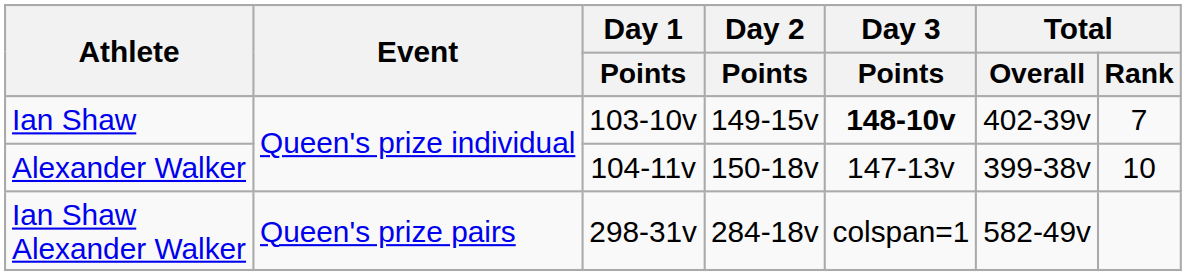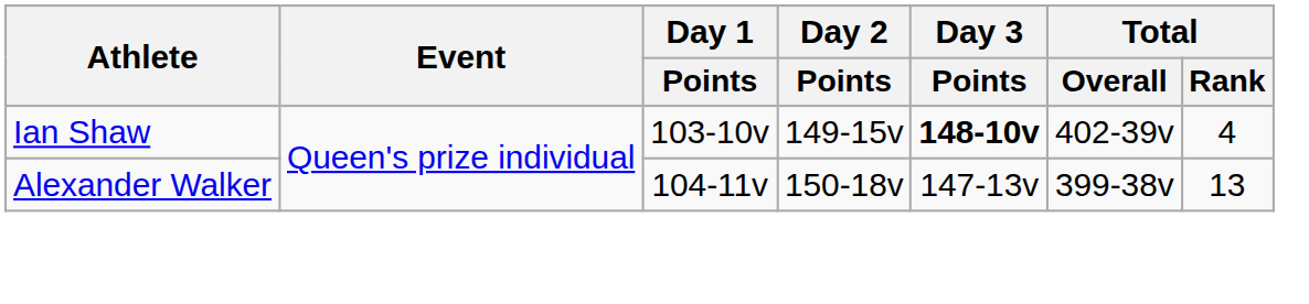 <table class="wikitable" style="font-size:90%">
 <tr>
 <th rowspan=2>Athlete</th>
 <th rowspan=2>Event</th>
 <th>Day 1</th>
 <th>Day 2</th>
 <th>Day 3</th>
 <th colspan=2>Total</th>
 </tr>
 <tr style="font-size:95%">
 <th>Points</th>
 <th>Points</th>
 <th>Points</th>
 <th>Overall</th>
 <th>Rank</th>
 </tr>
 <tr align=center>
 <td align=left><a href='#'>Ian Shaw</a></td>
 <td style="text-align:left;" rowspan="2"><a href='#'>Queen's prize individual</a></td>
 <td>103-10v</td>
 <td>149-15v</td>
 <td><strong>148-10v</strong></td>
 <td>402-39v</td>
-<td>7</td>
+<td>4</td>
 </tr>
 <tr align=center>
 <td align=left><a href='#'>Alexander Walker</a></td>
 <td>104-11v</td>
 <td>150-18v</td>
 <td>147-13v</td>
 <td>399-38v</td>
-<td>10</td>
-</tr>
-<tr align=center>
-<td align=left><a href='#'>Ian Shaw</a><br><a href='#'>Alexander Walker</a></td>
-<td align=left><a href='#'>Queen's prize pairs</a></td>
-<td>298-31v</td>
-<td>284-18v</td>
-<td>colspan=1 </td>
-<td>582-49v</td>
-<td></td>
+<td>13</td>
 </tr>
 </table>
